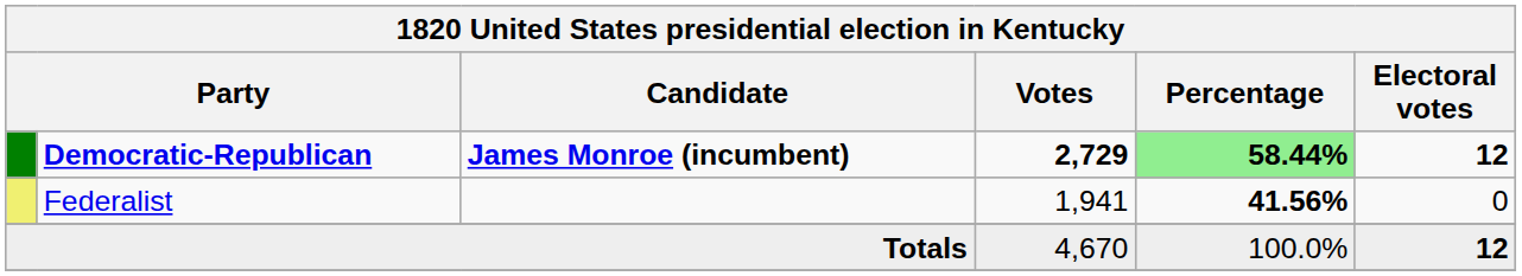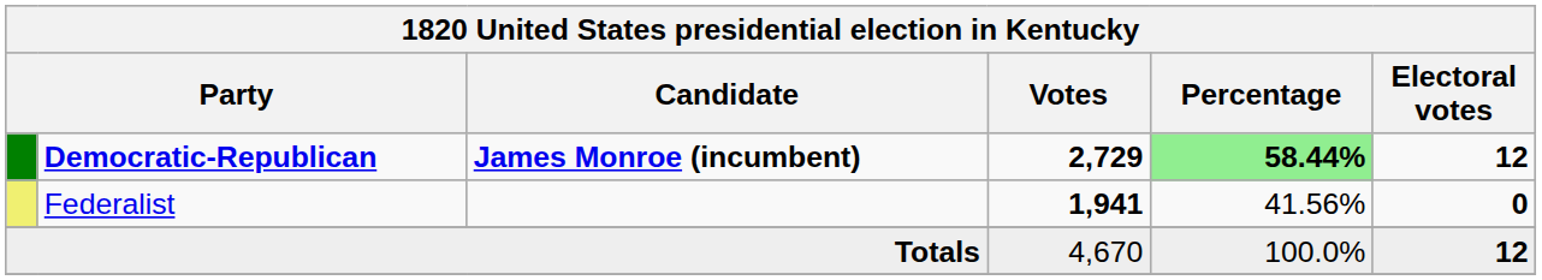 <table class="wikitable" style="font-size: 95%;">
 <tr>
 <th colspan="6">1820 United States presidential election in Kentucky</th>
 </tr>
 <tr>
 <th colspan="2" style="width: 15em">Party</th>
 <th style="width: 17em">Candidate</th>
 <th style="width: 5em">Votes</th>
 <th style="width: 7em">Percentage</th>
 <th style="width: 5em">Electoral votes</th>
 </tr>
 <tr>
 <th style="background-color:#008000; width: 3px"></th>
 <td style="width: 130px"><strong><a href='#'>Democratic-Republican</a></strong></td>
 <td><strong><a href='#'>James Monroe</a> (incumbent)</strong></td>
 <td align="right"><strong>2,729</strong></td>
 <td align="right" style="background: lightgreen;"><strong>58.44%</strong></td>
 <td align="right"><strong>12</strong></td>
 </tr>
 <tr>
 <th style="background-color:#F0F071; width: 3px"></th>
 <td style="width: 130px"><a href='#'>Federalist</a></td>
 <td></td>
-<td align="right">1,941</td>
-<td align="right"><strong>41.56%</strong></td>
-<td align="right">0</td>
+<td align="right"><strong>1,941</strong></td>
+<td align="right">41.56%</td>
+<td align="right"><strong>0</strong></td>
 </tr>
 <tr>
 </tr>
 <tr bgcolor="#EEEEEE">
 <td colspan="3" align="right"><strong>Totals</strong></td>
 <td align="right">4,670</td>
 <td align="right">100.0%</td>
 <td align="right"><strong>12</strong></td>
 </tr>
 <tr>
 </tr>
 </table>
